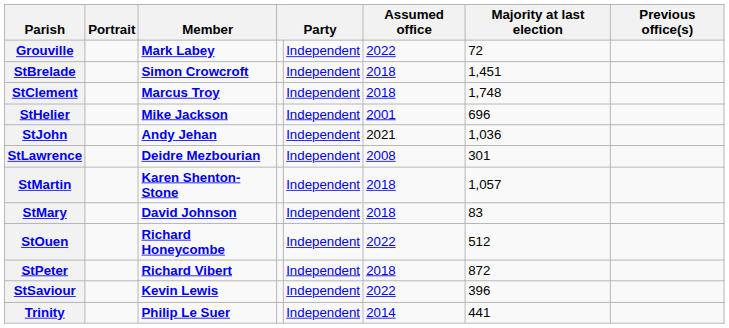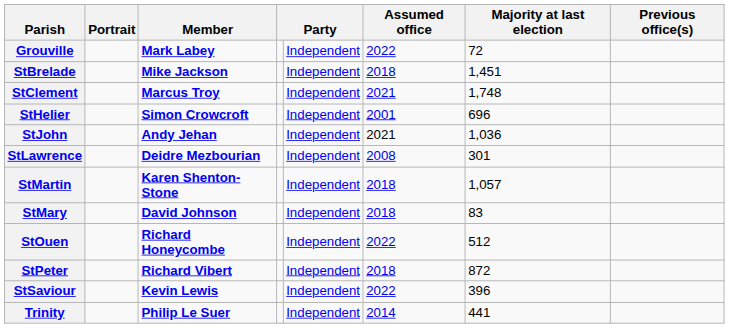 <table class="wikitable sortable sticky-header" id="constables">
 <tr style="vertical-align:bottom">
 <th scope="col">Parish</th>
 <th scope="col">Portrait</th>
 <th scope="col">Member</th>
 <th scope="col" colspan=2>Party</th>
 <th scope="col">Assumed office</th>
 <th scope="col">Majority at last election</th>
 <th scope="col">Previous office(s)</th>
 </tr>
 <tr>
 <th scope="row"><a href='#'>Grouville</a></th>
 <td></td>
 <td data-sort-value="Labey"><strong><a href='#'>Mark Labey</a></strong></td>
 <td style="background-color:"></td>
 <td><a href='#'>Independent</a></td>
 <td><a href='#'>2022</a></td>
 <td>72</td>
 <td></td>
 </tr>
 <tr>
 <th scope="row"><a href='#'>StBrelade</a></th>
 <td></td>
-<td data-sort-value="Crowcroft"><strong><a href='#'>Simon Crowcroft</a></strong></td>
+<td data-sort-value="Jackson"><strong><a href='#'>Mike Jackson</a></strong></td>
 <td style="background-color:"></td>
 <td><a href='#'>Independent</a></td>
 <td><a href='#'>2018</a></td>
 <td>1,451</td>
 <td></td>
 </tr>
 <tr>
 <th scope="row"><a href='#'>StClement</a></th>
 <td></td>
 <td data-sort-value="Troy"><strong><a href='#'>Marcus Troy</a></strong></td>
 <td style="background-color:"></td>
 <td><a href='#'>Independent</a></td>
-<td><a href='#'>2018</a></td>
+<td><a href='#'>2021</a></td>
 <td>1,748</td>
 <td></td>
 </tr>
 <tr>
 <th scope="row"><a href='#'>StHelier</a></th>
 <td></td>
-<td data-sort-value="Jackson"><strong><a href='#'>Mike Jackson</a></strong></td>
+<td data-sort-value="Crowcroft"><strong><a href='#'>Simon Crowcroft</a></strong></td>
 <td style="background-color:"></td>
 <td><a href='#'>Independent</a></td>
 <td><a href='#'>2001</a></td>
 <td>696</td>
 <td></td>
 </tr>
 <tr>
 <th scope="row"><a href='#'>StJohn</a></th>
 <td></td>
 <td data-sort-value="Jehan"><strong><a href='#'>Andy Jehan</a></strong></td>
 <td style="background-color:"></td>
 <td><a href='#'>Independent</a></td>
 <td>2021</td>
 <td>1,036</td>
 <td></td>
 </tr>
 <tr>
 <th scope="row"><a href='#'>StLawrence</a></th>
 <td></td>
 <td data-sort-value="Mezbourian"><strong><a href='#'>Deidre Mezbourian</a></strong></td>
 <td style="background-color:"></td>
 <td><a href='#'>Independent</a></td>
 <td><a href='#'>2008</a></td>
 <td>301</td>
 <td></td>
 </tr>
 <tr>
 <th scope="row"><a href='#'>StMartin</a></th>
 <td></td>
 <td data-sort-value="Shenton-Stone"><strong><a href='#'>Karen Shenton-Stone</a></strong></td>
 <td style="background-color:"></td>
 <td><a href='#'>Independent</a></td>
 <td><a href='#'>2018</a></td>
 <td>1,057</td>
 <td></td>
 </tr>
 <tr>
 <th scope="row"><a href='#'>StMary</a></th>
 <td></td>
 <td data-sort-value="Johnson"><strong><a href='#'>David Johnson</a></strong></td>
 <td style="background-color:"></td>
 <td><a href='#'>Independent</a></td>
 <td><a href='#'>2018</a></td>
 <td>83</td>
 <td></td>
 </tr>
 <tr>
 <th scope="row"><a href='#'>StOuen</a></th>
 <td></td>
 <td data-sort-value="Honeycombe"><strong><a href='#'>Richard Honeycombe</a></strong></td>
 <td style="background-color:"></td>
 <td><a href='#'>Independent</a></td>
 <td><a href='#'>2022</a></td>
 <td>512</td>
 <td></td>
 </tr>
 <tr>
 <th scope="row"><a href='#'>StPeter</a></th>
 <td></td>
 <td data-sort-value="Vibert"><strong><a href='#'>Richard Vibert</a></strong></td>
 <td style="background-color:"></td>
 <td><a href='#'>Independent</a></td>
 <td><a href='#'>2018</a></td>
 <td>872</td>
 <td></td>
 </tr>
 <tr>
 <th scope="row"><a href='#'>StSaviour</a></th>
 <td></td>
 <td data-sort-value="Lewis"><strong><a href='#'>Kevin Lewis</a></strong></td>
 <td style="background-color:"></td>
 <td><a href='#'>Independent</a></td>
 <td><a href='#'>2022</a></td>
 <td>396</td>
 <td></td>
 </tr>
 <tr>
 <th scope="row"><a href='#'>Trinity</a></th>
 <td></td>
 <td data-sort-value="Le Suer"><strong><a href='#'>Philip Le Suer</a></strong></td>
 <td style="background-color:"></td>
 <td><a href='#'>Independent</a></td>
 <td><a href='#'>2014</a></td>
 <td>441</td>
 <td></td>
 </tr>
 </table>
